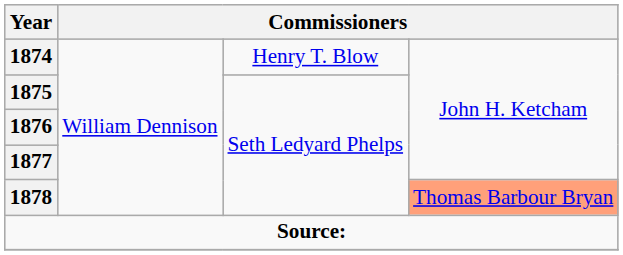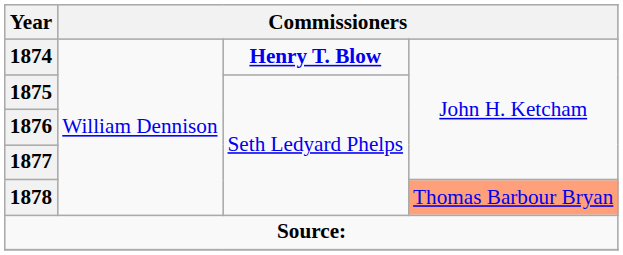 <table class="wikitable plainrowheaders sortable sticky-header-multi" style="text-align:center;font-size:85%">
 <tr>
 <th scope="col" class="unsortable">Year</th>
 <th colspan="3" class="unsortable">Commissioners</th>
 </tr>
 <tr>
 <th scope="row">1874</th>
 <td rowspan="5" ><a href='#'>William Dennison</a></td>
-<td rowspan="1" ><a href='#'>Henry T. Blow</a></td>
+<td rowspan="1" ><strong><a href='#'>Henry T. Blow</a></strong></td>
 <td rowspan="4" ><a href='#'>John H. Ketcham</a></td>
 </tr>
 <tr>
 <th scope="row">1875</th>
 <td rowspan="4" ><a href='#'>Seth Ledyard Phelps</a></td>
 </tr>
 <tr>
 <th scope="row">1876</th>
 </tr>
 <tr>
 <th scope="row">1877</th>
 </tr>
 <tr>
 <th scope="row">1878</th>
 <td rowspan="1"  style="background: lightsalmon;"><a href='#'>Thomas Barbour Bryan</a></td>
 </tr>
 <tr>
 <td colspan="4" style="text-align: center;"><strong>Source:</strong></td>
 </tr>
 <tr>
 </tr>
 </table>
